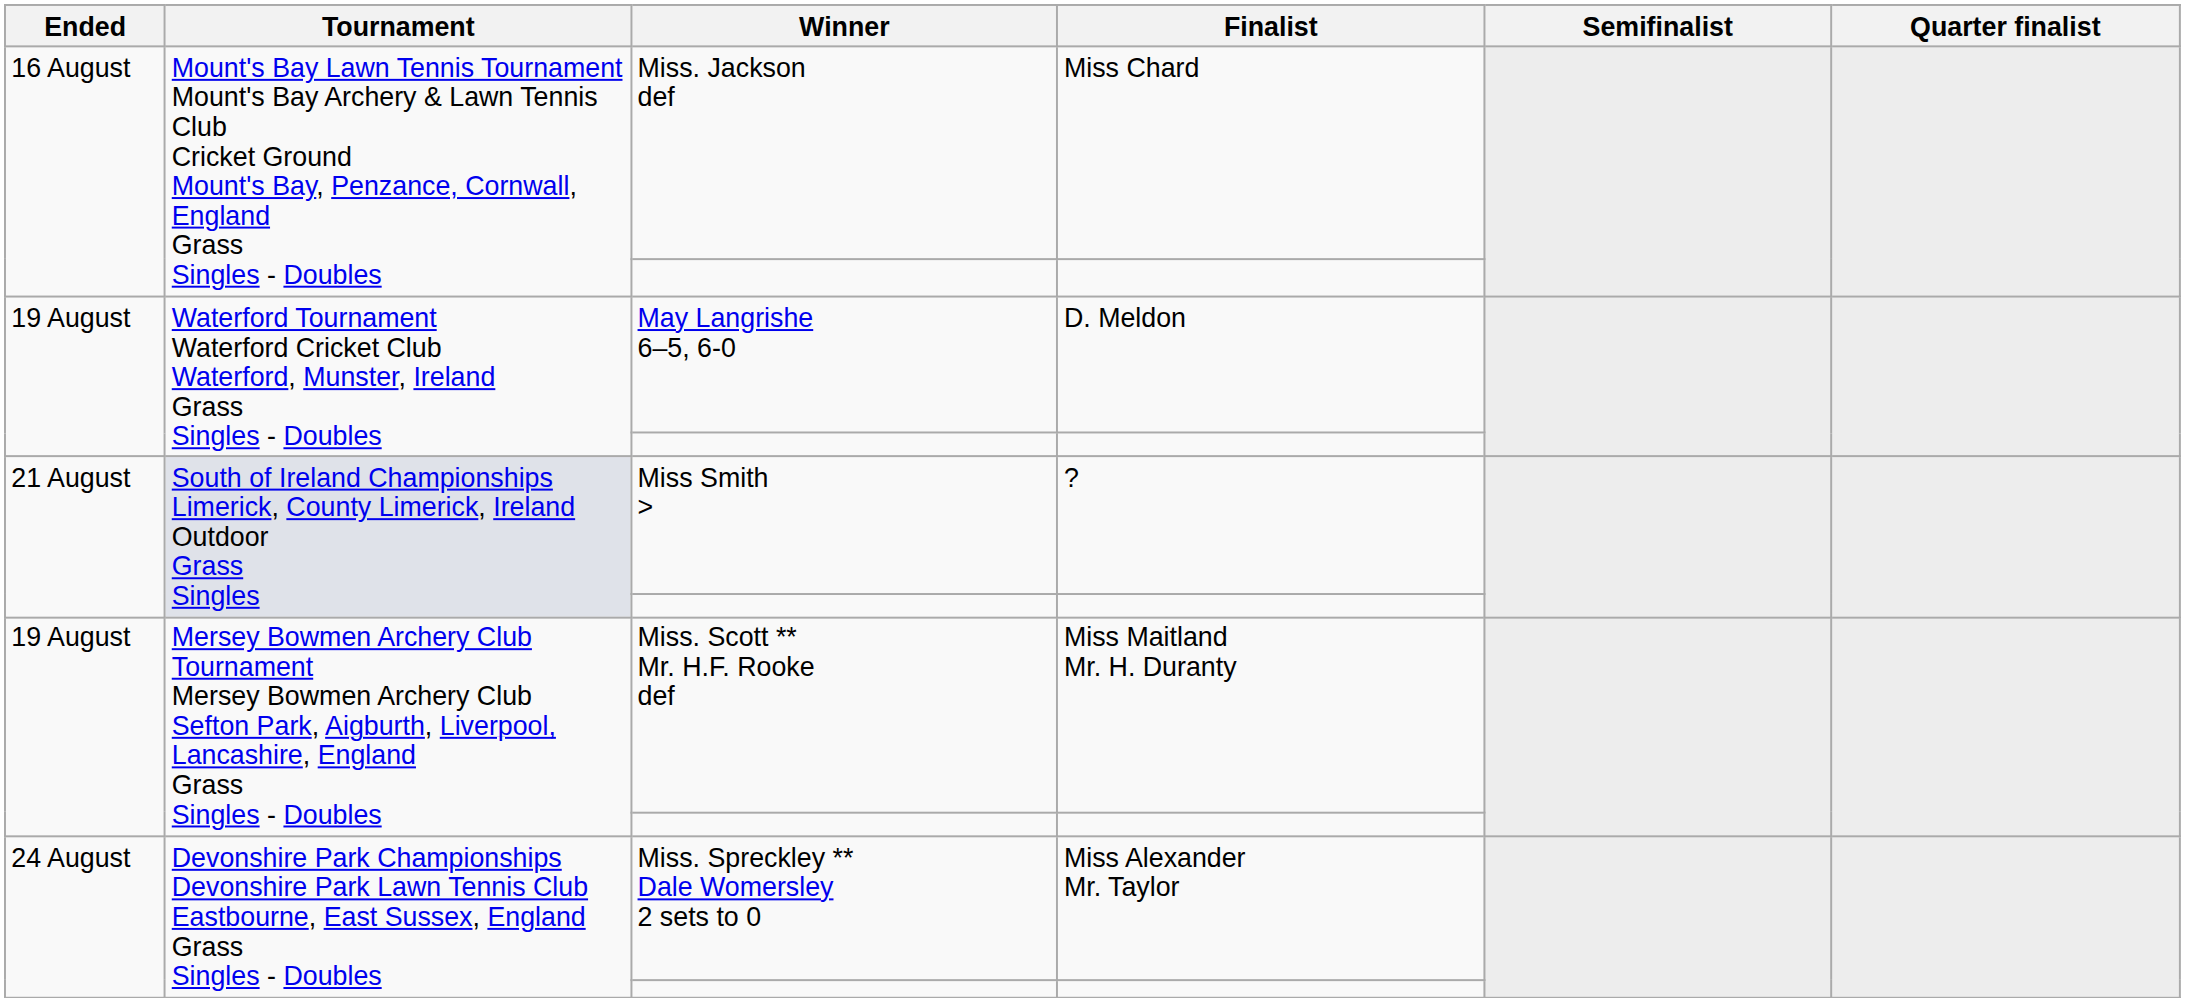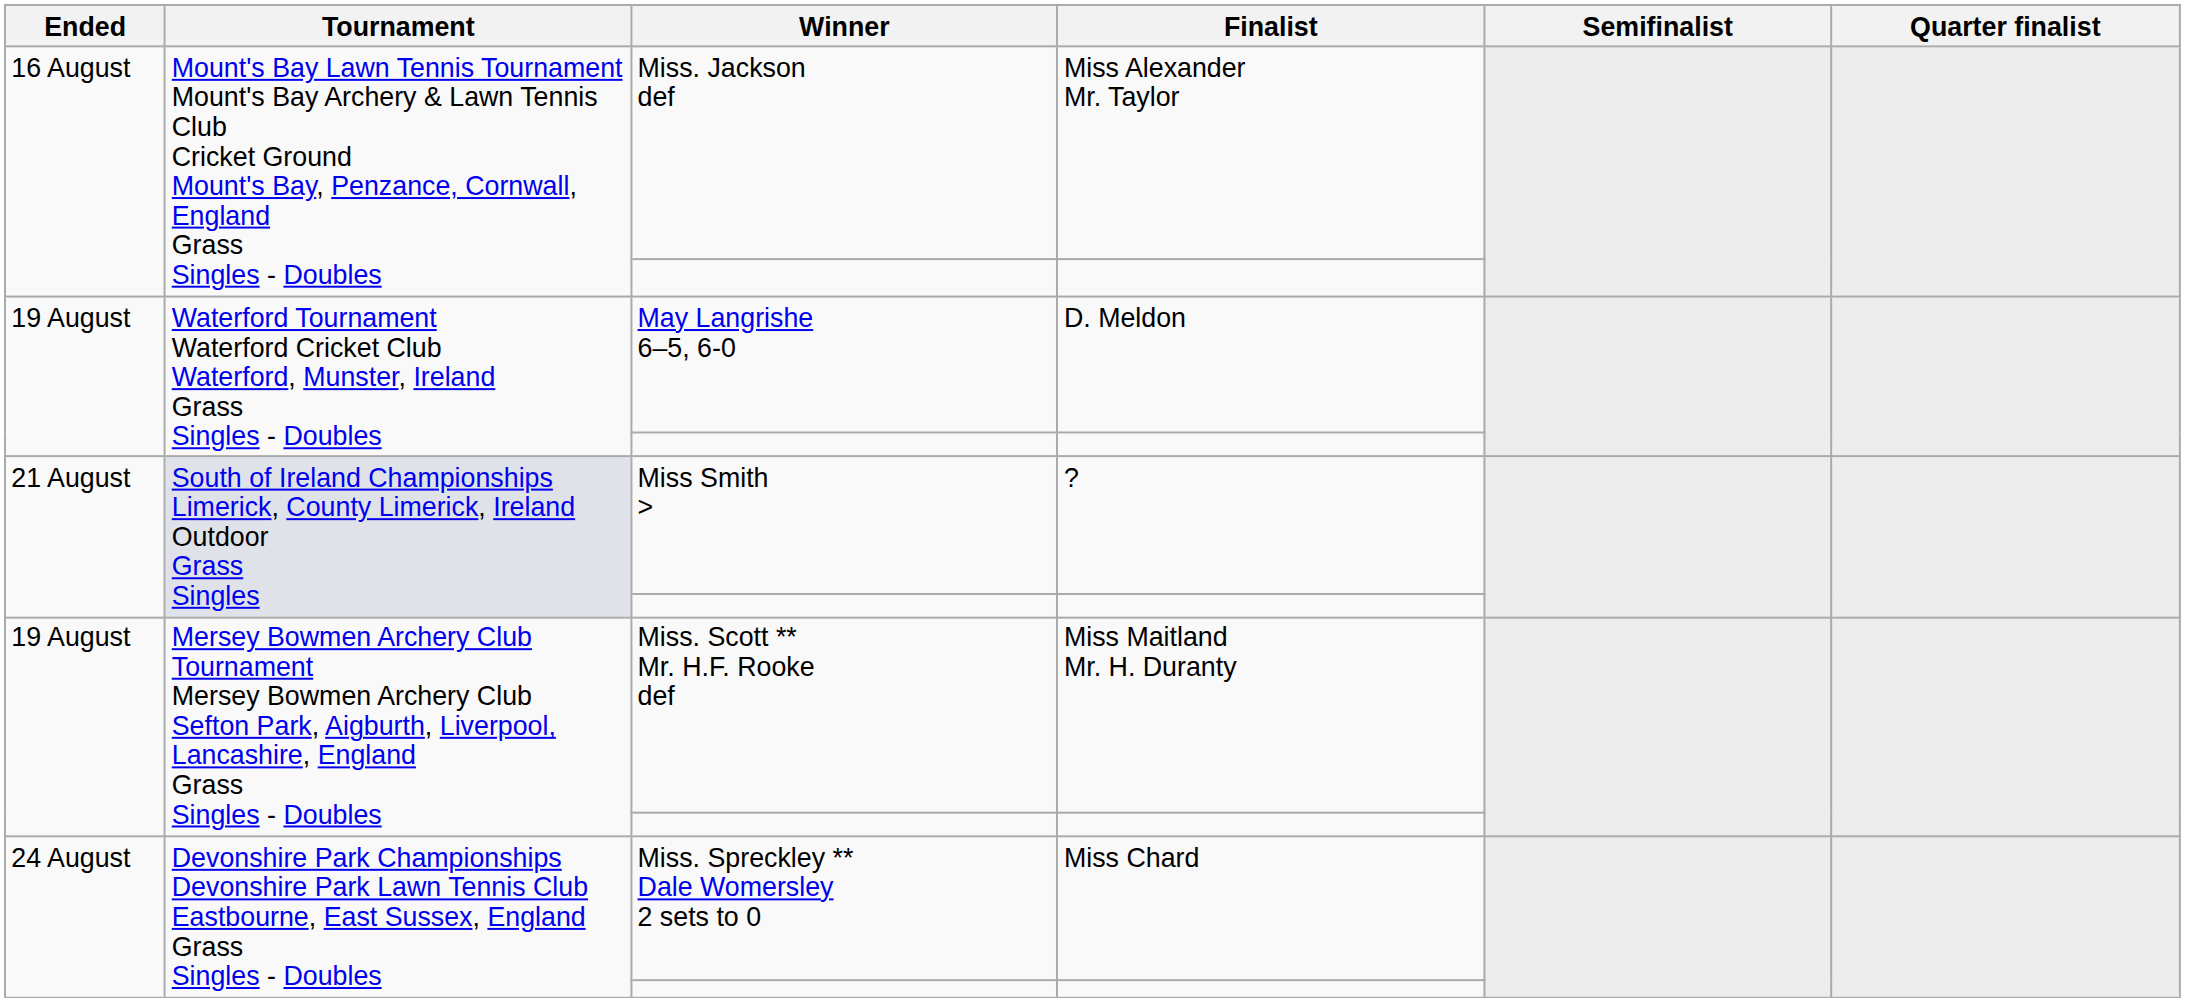 <table class="wikitable" style="font-size:85%;">
 <tr>
 <th width="75">Ended</th>
 <th width="230">Tournament</th>
 <th width="210">Winner</th>
 <th width="210">Finalist</th>
 <th width="170">Semifinalist</th>
 <th width="170">Quarter finalist</th>
 </tr>
 <tr valign=top>
 <td rowspan=2>16 August </td>
 <td rowspan="2"><a href='#'>Mount's Bay Lawn Tennis Tournament</a><br>Mount's Bay Archery & Lawn Tennis Club <br>Cricket Ground<br><a href='#'>Mount's Bay</a>, <a href='#'>Penzance, Cornwall</a>, <a href='#'>England</a><br>Grass<br><a href='#'>Singles</a> - <a href='#'>Doubles</a></td>
 <td> Miss. Jackson<br>def</td>
-<td> Miss Chard<br></td>
+<td> Miss Alexander<br> Mr. Taylor</td>
 <td style="background:#ededed;" rowspan=2></td>
 <td style="background:#ededed;" rowspan=2></td>
 </tr>
 <tr valign=top>
 <td></td>
 <td></td>
 </tr>
 <tr valign=top>
 <td rowspan=2>19 August </td>
 <td rowspan="2"><a href='#'>Waterford Tournament</a><br>Waterford Cricket Club<br><a href='#'>Waterford</a>, <a href='#'>Munster</a>, <a href='#'>Ireland</a><br>Grass<br><a href='#'>Singles</a> - <a href='#'>Doubles</a></td>
 <td> <a href='#'>May Langrishe</a> <br>  6–5, 6-0</td>
 <td> D. Meldon</td>
 <td style="background:#ededed;" rowspan=2></td>
 <td style="background:#ededed;" rowspan=2></td>
 </tr>
 <tr valign=top>
 <td></td>
 <td></td>
 </tr>
 <tr valign=top>
 <td rowspan=2>21 August</td>
 <td rowspan="2" style="background:#dfe2e9"><a href='#'>South of Ireland Championships</a><br><a href='#'>Limerick</a>, <a href='#'>County Limerick</a>, <a href='#'>Ireland</a><br>Outdoor<br><a href='#'>Grass</a><br><a href='#'>Singles</a></td>
 <td> Miss Smith <br> ></td>
 <td>?</td>
 <td style="background:#ededed;" rowspan=2></td>
 <td style="background:#ededed;" rowspan=2></td>
 </tr>
 <tr valign=top>
 <td></td>
 <td></td>
 </tr>
 <tr valign=top>
 <td rowspan=2>19 August </td>
 <td rowspan="2"><a href='#'>Mersey Bowmen Archery Club Tournament</a><br>Mersey Bowmen Archery Club<br><a href='#'>Sefton Park</a>, <a href='#'>Aigburth</a>, <a href='#'>Liverpool, Lancashire</a>, <a href='#'>England</a><br>Grass<br><a href='#'>Singles</a> - <a href='#'>Doubles</a></td>
 <td> Miss. Scott **<br> Mr. H.F. Rooke<br>def</td>
 <td> Miss Maitland<br> Mr. H. Duranty</td>
 <td style="background:#ededed;" rowspan=2></td>
 <td style="background:#ededed;" rowspan=2></td>
 </tr>
 <tr valign=top>
 <td></td>
 <td></td>
 </tr>
 <tr valign=top>
 <td rowspan=2>24 August </td>
 <td rowspan="2"><a href='#'>Devonshire Park Championships</a><br><a href='#'>Devonshire Park Lawn Tennis Club</a><br><a href='#'>Eastbourne</a>, <a href='#'>East Sussex</a>, <a href='#'>England</a><br>Grass<br><a href='#'>Singles</a> - <a href='#'>Doubles</a></td>
 <td> Miss. Spreckley **<br> <a href='#'>Dale Womersley</a><br>2 sets to 0</td>
-<td> Miss Alexander<br> Mr. Taylor</td>
+<td> Miss Chard<br></td>
 <td style="background:#ededed;" rowspan=2></td>
 <td style="background:#ededed;" rowspan=2></td>
 </tr>
 <tr valign=top>
 <td></td>
 <td></td>
 </tr>
 <tr valign=top>
 </tr>
 </table>
